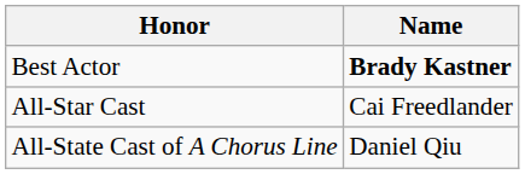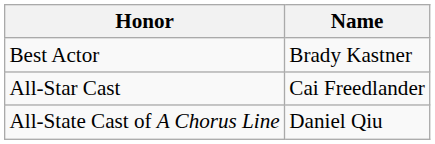 <table class="wikitable">
 <tr>
 <th>Honor</th>
 <th>Name</th>
 </tr>
 <tr>
 <td>Best Actor</td>
-<td><strong>Brady Kastner</strong></td>
+<td>Brady Kastner</td>
 </tr>
 <tr>
 <td>All-Star Cast</td>
 <td>Cai Freedlander</td>
 </tr>
 <tr>
 <td>All-State Cast of <em>A Chorus Line</em></td>
 <td>Daniel Qiu</td>
 </tr>
 </table>
